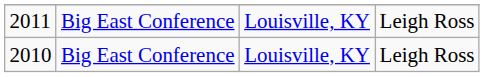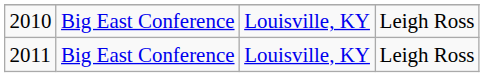 <table class="wikitable">
 <tr>
+</tr>
+<tr>
+<td>2010</td>
+<td><a href='#'>Big East Conference</a></td>
+<td><a href='#'>Louisville, KY</a></td>
+<td>Leigh Ross</td>
 </tr>
 <tr>
 <td>2011</td>
 <td><a href='#'>Big East Conference</a></td>
 <td><a href='#'>Louisville, KY</a></td>
 <td>Leigh Ross</td>
 </tr>
-<tr>
-<td>2010</td>
-<td><a href='#'>Big East Conference</a></td>
-<td><a href='#'>Louisville, KY</a></td>
-<td>Leigh Ross</td>
-</tr>
 </table>
